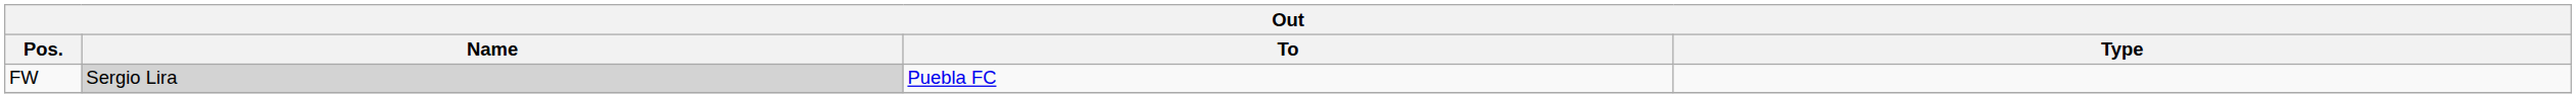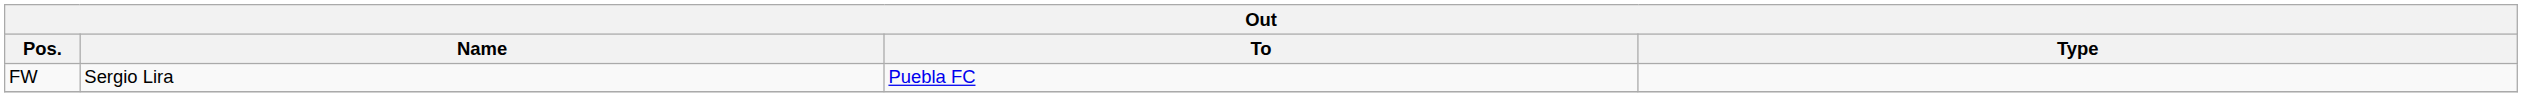 <table class="wikitable" style="font-size:90%;width:99%;">
 <tr>
 <th colspan="4">Out</th>
 </tr>
 <tr>
 <th width=3%>Pos.</th>
 <th width=32%>Name</th>
 <th width=30%>To</th>
 <th width=35%>Type</th>
 </tr>
 <tr>
 <td>FW</td>
-<td style="background: lightgrey;">Sergio Lira</td>
+<td>Sergio Lira</td>
 <td><a href='#'>Puebla FC</a></td>
 <td></td>
 </tr>
 <tr>
 </tr>
 </table>
